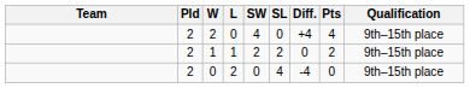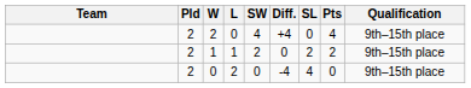 <table class=wikitable style="text-align:center">
 <tr>
 <th width=220>Team</th>
 <th width=20>Pld</th>
 <th width=20>W</th>
 <th width=20>L</th>
 <th width=20>SW</th>
+<th width=20>Diff.</th>
 <th width=20>SL</th>
-<th width=20>Diff.</th>
 <th width=20>Pts</th>
 <th width=150>Qualification</th>
 </tr>
 <tr bgcolor=>
 <td align=left></td>
 <td>2</td>
 <td>2</td>
 <td>0</td>
 <td>4</td>
+<td>+4</td>
 <td>0</td>
-<td>+4</td>
 <td>4</td>
 <td>9th–15th place</td>
 </tr>
 <tr bgcolor=>
 <td align=left></td>
 <td>2</td>
 <td>1</td>
 <td>1</td>
 <td>2</td>
+<td>0</td>
 <td>2</td>
-<td>0</td>
 <td>2</td>
 <td>9th–15th place</td>
 </tr>
 <tr bgcolor=>
 <td align=left></td>
 <td>2</td>
 <td>0</td>
 <td>2</td>
 <td>0</td>
+<td>-4</td>
 <td>4</td>
-<td>-4</td>
 <td>0</td>
 <td>9th–15th place</td>
 </tr>
 </table>
